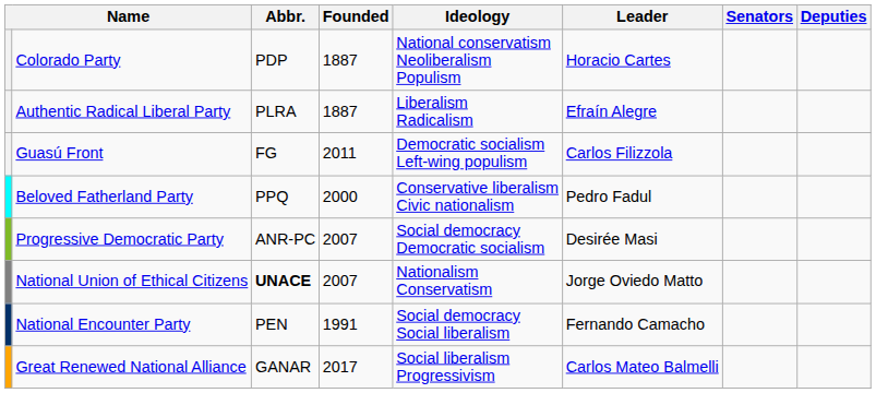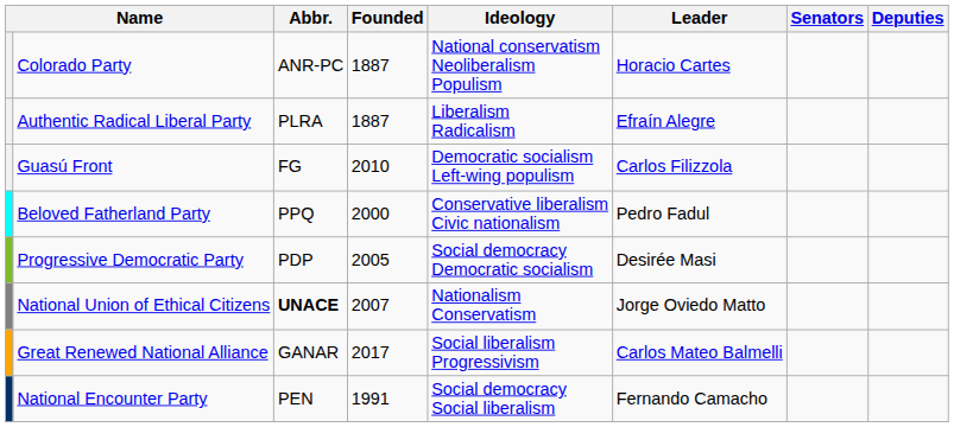 <table class="wikitable sortable">
 <tr>
 <th colspan=2>Name</th>
 <th>Abbr.</th>
 <th>Founded</th>
 <th>Ideology</th>
 <th>Leader</th>
 <th><a href='#'>Senators</a></th>
 <th><a href='#'>Deputies</a></th>
 </tr>
 <tr>
 <th style="background-color: "></th>
 <td><a href='#'>Colorado Party</a><br></td>
-<td>PDP</td>
+<td>ANR-PC</td>
 <td>1887</td>
 <td><a href='#'>National conservatism</a><br><a href='#'>Neoliberalism</a><br><a href='#'>Populism</a></td>
 <td><a href='#'>Horacio Cartes</a></td>
 <td></td>
 <td></td>
 </tr>
 <tr>
 <th style="background-color: "></th>
 <td><a href='#'>Authentic Radical Liberal Party</a><br></td>
 <td>PLRA</td>
 <td>1887</td>
 <td><a href='#'>Liberalism</a><br><a href='#'>Radicalism</a></td>
 <td><a href='#'>Efraín Alegre</a></td>
 <td></td>
 <td></td>
 </tr>
 <tr>
 <th style="background-color: "></th>
 <td><a href='#'>Guasú Front</a><br></td>
 <td>FG</td>
-<td>2011</td>
+<td>2010</td>
 <td><a href='#'>Democratic socialism</a><br><a href='#'>Left-wing populism</a></td>
 <td><a href='#'>Carlos Filizzola</a></td>
 <td></td>
 <td></td>
 </tr>
 <tr>
 <th style="background-color: #00FFFF"></th>
 <td><a href='#'>Beloved Fatherland Party</a><br></td>
 <td>PPQ</td>
 <td>2000</td>
 <td><a href='#'>Conservative liberalism</a><br><a href='#'>Civic nationalism</a></td>
 <td>Pedro Fadul</td>
 <td></td>
 <td></td>
 </tr>
 <tr>
 <th style="background-color: #7FBA27"></th>
 <td><a href='#'>Progressive Democratic Party</a><br></td>
-<td>ANR-PC</td>
-<td>2007</td>
+<td>PDP</td>
+<td>2005</td>
 <td><a href='#'>Social democracy</a><br><a href='#'>Democratic socialism</a></td>
 <td>Desirée Masi</td>
 <td></td>
 <td></td>
 </tr>
 <tr>
 <th style="background-color: #808080"></th>
 <td><a href='#'>National Union of Ethical Citizens</a><br></td>
 <td><strong>UNACE</strong></td>
 <td>2007</td>
 <td><a href='#'>Nationalism</a><br><a href='#'>Conservatism</a></td>
 <td>Jorge Oviedo Matto</td>
 <td></td>
 <td></td>
 </tr>
 <tr>
+<th style="background-color: orange"></th>
+<td><a href='#'>Great Renewed National Alliance</a><br></td>
+<td>GANAR</td>
+<td>2017</td>
+<td><a href='#'>Social liberalism</a><br><a href='#'>Progressivism</a></td>
+<td><a href='#'>Carlos Mateo Balmelli</a></td>
+<td></td>
+<td></td>
+</tr>
+<tr>
 <th style="background-color: #013068"></th>
 <td><a href='#'>National Encounter Party</a><br></td>
 <td>PEN</td>
 <td>1991</td>
 <td><a href='#'>Social democracy</a><br><a href='#'>Social liberalism</a></td>
 <td>Fernando Camacho</td>
 <td></td>
 <td></td>
 </tr>
-<tr>
-<th style="background-color: orange"></th>
-<td><a href='#'>Great Renewed National Alliance</a><br></td>
-<td>GANAR</td>
-<td>2017</td>
-<td><a href='#'>Social liberalism</a><br><a href='#'>Progressivism</a></td>
-<td><a href='#'>Carlos Mateo Balmelli</a></td>
-<td></td>
-<td></td>
-</tr>
 </table>
